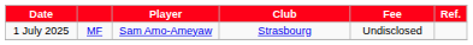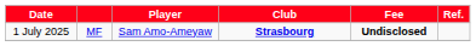 <table class="wikitable" style="text-align:center; font-size:90%; ">
 <tr>
 <th style="background:#FF0018; color:#FFFFFF; width:120px;">Date</th>
 <th style="background:#FF0018; color:#FFFFFF; width:50px;"></th>
 <th style="background:#FF0018; color:#FFFFFF; width:180px;">Player</th>
 <th style="background:#FF0018; color:#FFFFFF; width:220px;">Club</th>
 <th style="background:#FF0018; color:#FFFFFF; width:120px;">Fee</th>
 <th style="background:#FF0018; color:#FFFFFF; width:40px;">Ref.</th>
 </tr>
 <tr>
 <td>1 July 2025</td>
 <td><a href='#'>MF</a></td>
 <td> <a href='#'>Sam Amo-Ameyaw</a></td>
-<td> <a href='#'>Strasbourg</a></td>
-<td>Undisclosed</td>
+<td><strong> <a href='#'>Strasbourg</a></strong></td>
+<td><strong>Undisclosed</strong></td>
 <td></td>
 </tr>
 <tr>
 </tr>
 </table>
